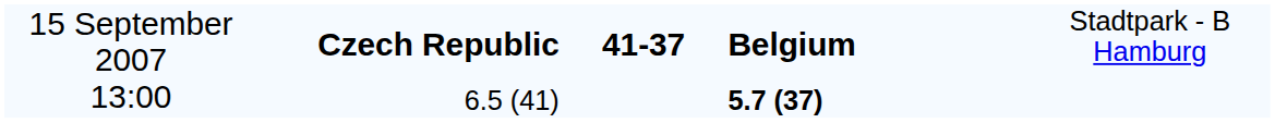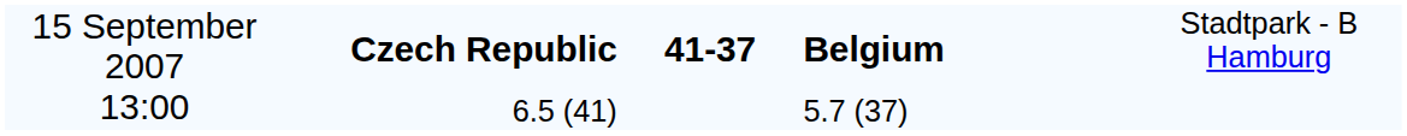 <table style="width: 100%; background:#F5FAFF;" cellspacing="0">
 <tr>
 <td align=center rowspan=3 width=20%>15 September 2007<br>13:00</td>
 </tr>
 <tr>
 <td width=24% align=right><strong>Czech Republic</strong></td>
 <td align=center width=13%><strong>41-37</strong></td>
 <td width=24%><strong>Belgium</strong></td>
 <td style=font-size:85% rowspan=3 valign=top align=center>Stadtpark - B <br><a href='#'>Hamburg</a></td>
 </tr>
 <tr style=font-size:85%>
 <td align=right>6.5 (41)</td>
 <td align=center></td>
-<td><strong>5.7 (37)</strong></td>
+<td>5.7 (37)</td>
 </tr>
 </table>
